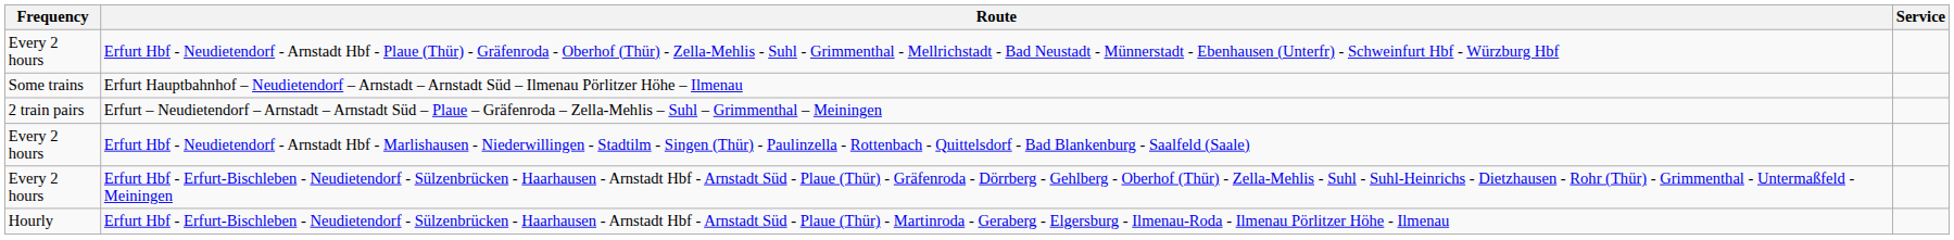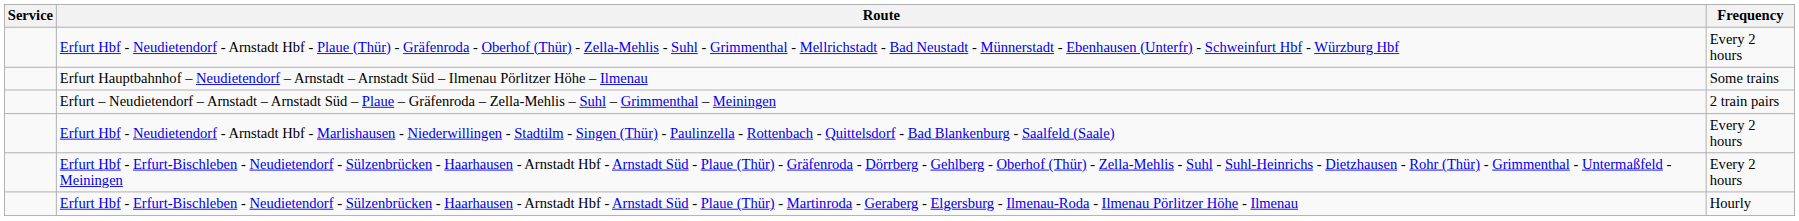 <table class="wikitable vatop">
 <tr>
+<th>Service</th>
+<th>Route</th>
 <th>Frequency</th>
-<th>Route</th>
-<th>Service</th>
 </tr>
 <tr>
+<td></td>
+<td><a href='#'>Erfurt Hbf</a> - <a href='#'>Neudietendorf</a> - Arnstadt Hbf - <a href='#'>Plaue (Thür)</a> - <a href='#'>Gräfenroda</a> - <a href='#'>Oberhof (Thür)</a> - <a href='#'>Zella-Mehlis</a> - <a href='#'>Suhl</a> - <a href='#'>Grimmenthal</a> - <a href='#'>Mellrichstadt</a> - <a href='#'>Bad Neustadt</a> - <a href='#'>Münnerstadt</a> - <a href='#'>Ebenhausen (Unterfr)</a> - <a href='#'>Schweinfurt Hbf</a> - <a href='#'>Würzburg Hbf</a></td>
 <td>Every 2 hours</td>
-<td><a href='#'>Erfurt Hbf</a> - <a href='#'>Neudietendorf</a> - Arnstadt Hbf - <a href='#'>Plaue (Thür)</a> - <a href='#'>Gräfenroda</a> - <a href='#'>Oberhof (Thür)</a> - <a href='#'>Zella-Mehlis</a> - <a href='#'>Suhl</a> - <a href='#'>Grimmenthal</a> - <a href='#'>Mellrichstadt</a> - <a href='#'>Bad Neustadt</a> - <a href='#'>Münnerstadt</a> - <a href='#'>Ebenhausen (Unterfr)</a> - <a href='#'>Schweinfurt Hbf</a> - <a href='#'>Würzburg Hbf</a></td>
-<td></td>
 </tr>
 <tr>
+<td></td>
+<td>Erfurt Hauptbahnhof – <a href='#'>Neudietendorf</a> – Arnstadt – Arnstadt Süd – Ilmenau Pörlitzer Höhe – <a href='#'>Ilmenau</a></td>
 <td>Some trains</td>
-<td>Erfurt Hauptbahnhof – <a href='#'>Neudietendorf</a> – Arnstadt – Arnstadt Süd – Ilmenau Pörlitzer Höhe – <a href='#'>Ilmenau</a></td>
-<td></td>
 </tr>
 <tr>
+<td></td>
+<td>Erfurt – Neudietendorf – Arnstadt – Arnstadt Süd – <a href='#'>Plaue</a> – Gräfenroda – Zella-Mehlis – <a href='#'>Suhl</a> – <a href='#'>Grimmenthal</a> – <a href='#'>Meiningen</a></td>
 <td>2 train pairs</td>
-<td>Erfurt – Neudietendorf – Arnstadt – Arnstadt Süd – <a href='#'>Plaue</a> – Gräfenroda – Zella-Mehlis – <a href='#'>Suhl</a> – <a href='#'>Grimmenthal</a> – <a href='#'>Meiningen</a></td>
-<td></td>
 </tr>
 <tr>
+<td></td>
+<td><a href='#'>Erfurt Hbf</a> - <a href='#'>Neudietendorf</a> - Arnstadt Hbf - <a href='#'>Marlishausen</a> - <a href='#'>Niederwillingen</a> - <a href='#'>Stadtilm</a> - <a href='#'>Singen (Thür)</a> - <a href='#'>Paulinzella</a> - <a href='#'>Rottenbach</a> - <a href='#'>Quittelsdorf</a> - <a href='#'>Bad Blankenburg</a> - <a href='#'>Saalfeld (Saale)</a></td>
 <td>Every 2 hours</td>
-<td><a href='#'>Erfurt Hbf</a> - <a href='#'>Neudietendorf</a> - Arnstadt Hbf - <a href='#'>Marlishausen</a> - <a href='#'>Niederwillingen</a> - <a href='#'>Stadtilm</a> - <a href='#'>Singen (Thür)</a> - <a href='#'>Paulinzella</a> - <a href='#'>Rottenbach</a> - <a href='#'>Quittelsdorf</a> - <a href='#'>Bad Blankenburg</a> - <a href='#'>Saalfeld (Saale)</a></td>
-<td></td>
 </tr>
 <tr>
+<td></td>
+<td><a href='#'>Erfurt Hbf</a> - <a href='#'>Erfurt-Bischleben</a> - <a href='#'>Neudietendorf</a> - <a href='#'>Sülzenbrücken</a> - <a href='#'>Haarhausen</a> - Arnstadt Hbf - <a href='#'>Arnstadt Süd</a> - <a href='#'>Plaue (Thür)</a> - <a href='#'>Gräfenroda</a> - <a href='#'>Dörrberg</a> - <a href='#'>Gehlberg</a> - <a href='#'>Oberhof (Thür)</a> - <a href='#'>Zella-Mehlis</a> - <a href='#'>Suhl</a> - <a href='#'>Suhl-Heinrichs</a> - <a href='#'>Dietzhausen</a> - <a href='#'>Rohr (Thür)</a> - <a href='#'>Grimmenthal</a> - <a href='#'>Untermaßfeld</a> - <a href='#'>Meiningen</a></td>
 <td>Every 2 hours</td>
-<td><a href='#'>Erfurt Hbf</a> - <a href='#'>Erfurt-Bischleben</a> - <a href='#'>Neudietendorf</a> - <a href='#'>Sülzenbrücken</a> - <a href='#'>Haarhausen</a> - Arnstadt Hbf - <a href='#'>Arnstadt Süd</a> - <a href='#'>Plaue (Thür)</a> - <a href='#'>Gräfenroda</a> - <a href='#'>Dörrberg</a> - <a href='#'>Gehlberg</a> - <a href='#'>Oberhof (Thür)</a> - <a href='#'>Zella-Mehlis</a> - <a href='#'>Suhl</a> - <a href='#'>Suhl-Heinrichs</a> - <a href='#'>Dietzhausen</a> - <a href='#'>Rohr (Thür)</a> - <a href='#'>Grimmenthal</a> - <a href='#'>Untermaßfeld</a> - <a href='#'>Meiningen</a></td>
-<td></td>
 </tr>
 <tr>
+<td></td>
+<td><a href='#'>Erfurt Hbf</a> - <a href='#'>Erfurt-Bischleben</a> - <a href='#'>Neudietendorf</a> - <a href='#'>Sülzenbrücken</a> - <a href='#'>Haarhausen</a> - Arnstadt Hbf - <a href='#'>Arnstadt Süd</a> - <a href='#'>Plaue (Thür)</a> - <a href='#'>Martinroda</a> - <a href='#'>Geraberg</a> - <a href='#'>Elgersburg</a> - <a href='#'>Ilmenau-Roda</a> - <a href='#'>Ilmenau Pörlitzer Höhe</a> - <a href='#'>Ilmenau</a></td>
 <td>Hourly</td>
-<td><a href='#'>Erfurt Hbf</a> - <a href='#'>Erfurt-Bischleben</a> - <a href='#'>Neudietendorf</a> - <a href='#'>Sülzenbrücken</a> - <a href='#'>Haarhausen</a> - Arnstadt Hbf - <a href='#'>Arnstadt Süd</a> - <a href='#'>Plaue (Thür)</a> - <a href='#'>Martinroda</a> - <a href='#'>Geraberg</a> - <a href='#'>Elgersburg</a> - <a href='#'>Ilmenau-Roda</a> - <a href='#'>Ilmenau Pörlitzer Höhe</a> - <a href='#'>Ilmenau</a></td>
-<td></td>
 </tr>
 </table>
